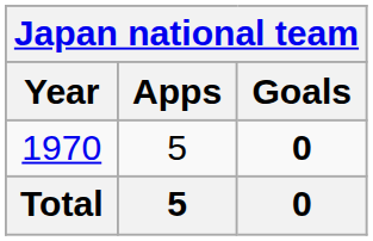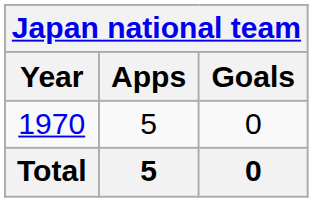 <table class="wikitable" style="text-align:center">
 <tr>
 <th colspan=3><a href='#'>Japan national team</a></th>
 </tr>
 <tr>
 <th>Year</th>
 <th>Apps</th>
 <th>Goals</th>
 </tr>
 <tr>
 <td><a href='#'>1970</a></td>
 <td>5</td>
-<td><strong>0</strong></td>
+<td>0</td>
 </tr>
 <tr>
 <th>Total</th>
 <th>5</th>
 <th>0</th>
 </tr>
 </table>
